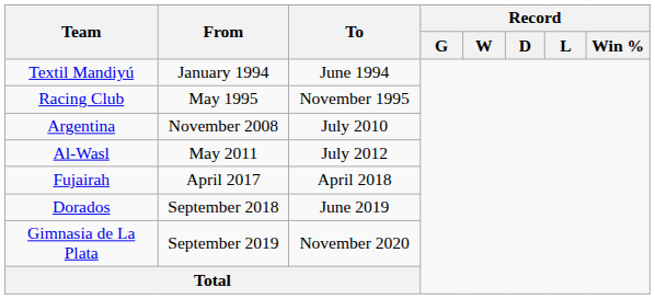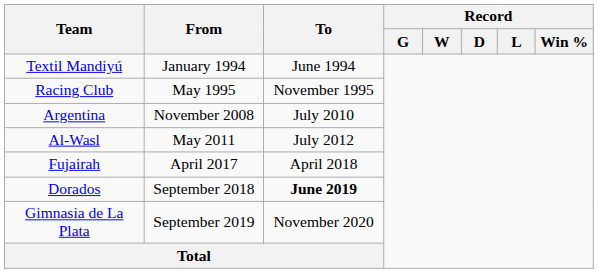 <table class="wikitable" style="text-align: center">
 <tr>
 <th rowspan="2" width="150">Team</th>
 <th rowspan="2" width="125">From</th>
 <th rowspan="2" width="125">To</th>
 <th colspan="5">Record</th>
 </tr>
 <tr>
 <th width="37">G</th>
 <th width="35">W</th>
 <th width="34">D</th>
 <th width="35">L</th>
 <th width="57">Win %</th>
 </tr>
 <tr>
 <td align=center><a href='#'>Textil Mandiyú</a></td>
 <td align=center>January 1994</td>
 <td align=center>June 1994<br></td>
 </tr>
 <tr>
 <td align=center><a href='#'>Racing Club</a></td>
 <td align=center>May 1995</td>
 <td align=center>November 1995<br></td>
 </tr>
 <tr>
 <td align=center><a href='#'>Argentina</a></td>
 <td align=center>November 2008</td>
 <td align=center>July 2010<br></td>
 </tr>
 <tr>
 <td align=center><a href='#'>Al-Wasl</a></td>
 <td align=center>May 2011</td>
 <td align=center>July 2012<br></td>
 </tr>
 <tr>
 <td align=center><a href='#'>Fujairah</a></td>
 <td align=center>April 2017</td>
 <td align=center>April 2018<br></td>
 </tr>
 <tr>
 <td align=center><a href='#'>Dorados</a></td>
 <td align=center>September 2018</td>
-<td align=center>June 2019<br></td>
+<td align=center><strong>June 2019<br></strong></td>
 </tr>
 <tr>
 <td align=center><a href='#'>Gimnasia de La Plata</a></td>
 <td align=center>September 2019</td>
 <td align=center>November 2020<br></td>
 </tr>
 <tr>
 <th colspan=3>Total<br></th>
 </tr>
 </table>
